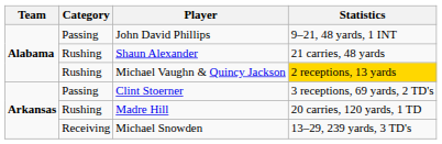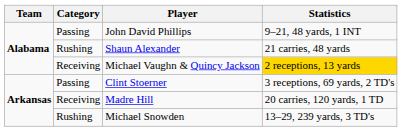 <table class="wikitable" style="float: right;">
 <tr>
 <th>Team</th>
 <th>Category</th>
 <th>Player</th>
 <th>Statistics</th>
 </tr>
 <tr>
 <td rowspan=3><strong>Alabama</strong></td>
 <td>Passing</td>
 <td>John David Phillips</td>
 <td>9–21, 48 yards, 1 INT</td>
 </tr>
 <tr>
 <td>Rushing</td>
 <td><a href='#'>Shaun Alexander</a></td>
 <td>21 carries, 48 yards</td>
 </tr>
 <tr>
-<td>Rushing</td>
+<td>Receiving</td>
 <td>Michael Vaughn & <a href='#'>Quincy Jackson</a></td>
 <td style="background: gold;">2 receptions, 13 yards</td>
 </tr>
 <tr>
 <td rowspan=3><strong>Arkansas</strong></td>
 <td>Passing</td>
 <td><a href='#'>Clint Stoerner</a></td>
 <td>3 receptions, 69 yards, 2 TD's</td>
 </tr>
 <tr>
-<td>Rushing</td>
+<td>Receiving</td>
 <td><a href='#'>Madre Hill</a></td>
 <td>20 carries, 120 yards, 1 TD</td>
 </tr>
 <tr>
-<td>Receiving</td>
+<td>Rushing</td>
 <td>Michael Snowden</td>
 <td>13–29, 239 yards, 3 TD's</td>
 </tr>
 </table>
